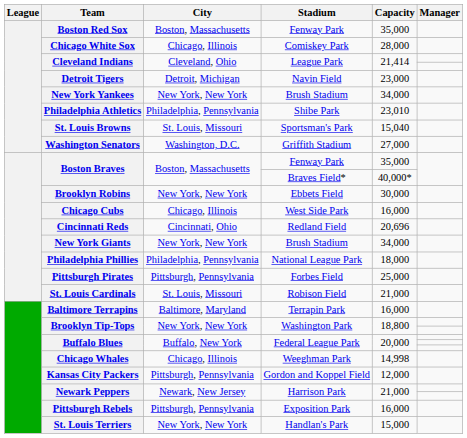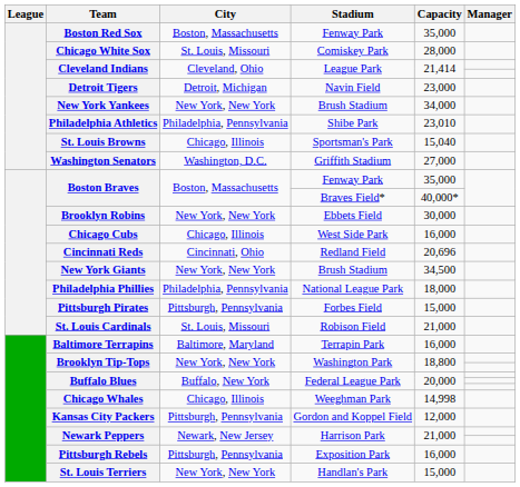 <table class="wikitable sortable plainrowheaders" style="text-align:center;">
 <tr>
 <th scope="col">League</th>
 <th scope="col">Team</th>
 <th scope="col">City</th>
 <th scope="col">Stadium</th>
 <th scope="col">Capacity</th>
 <th scope="col">Manager</th>
 </tr>
 <tr>
 <th rowspan="9"></th>
 <th scope="row"><a href='#'>Boston Red Sox</a></th>
 <td><a href='#'>Boston</a>, <a href='#'>Massachusetts</a></td>
 <td><a href='#'>Fenway Park</a></td>
 <td>35,000</td>
 <td></td>
 </tr>
 <tr>
 <th scope="row"><a href='#'>Chicago White Sox</a></th>
-<td><a href='#'>Chicago</a>, <a href='#'>Illinois</a></td>
+<td><a href='#'>St. Louis</a>, <a href='#'>Missouri</a></td>
 <td><a href='#'>Comiskey Park</a></td>
 <td>28,000</td>
 <td></td>
 </tr>
 <tr>
 <th rowspan="2" scope="row"><a href='#'>Cleveland Indians</a></th>
 <td rowspan="2"><a href='#'>Cleveland</a>, <a href='#'>Ohio</a></td>
 <td rowspan="2"><a href='#'>League Park</a></td>
 <td rowspan="2">21,414</td>
 <td></td>
 </tr>
 <tr>
 <td></td>
 </tr>
 <tr>
 <th scope="row"><a href='#'>Detroit Tigers</a></th>
 <td><a href='#'>Detroit</a>, <a href='#'>Michigan</a></td>
 <td><a href='#'>Navin Field</a></td>
 <td>23,000</td>
 <td></td>
 </tr>
 <tr>
 <th scope="row"><a href='#'>New York Yankees</a></th>
 <td><a href='#'>New York</a>, <a href='#'>New York</a></td>
 <td><a href='#'>Brush Stadium</a></td>
 <td>34,000</td>
 <td></td>
 </tr>
 <tr>
 <th scope="row"><a href='#'>Philadelphia Athletics</a></th>
 <td><a href='#'>Philadelphia</a>, <a href='#'>Pennsylvania</a></td>
 <td><a href='#'>Shibe Park</a></td>
 <td>23,010</td>
 <td></td>
 </tr>
 <tr>
 <th scope="row"><a href='#'>St. Louis Browns</a></th>
-<td><a href='#'>St. Louis</a>, <a href='#'>Missouri</a></td>
+<td><a href='#'>Chicago</a>, <a href='#'>Illinois</a></td>
 <td><a href='#'>Sportsman's Park</a></td>
 <td>15,040</td>
 <td></td>
 </tr>
 <tr>
 <th scope="row"><a href='#'>Washington Senators</a></th>
 <td><a href='#'>Washington, D.C.</a></td>
 <td><a href='#'>Griffith Stadium</a></td>
 <td>27,000</td>
 <td></td>
 </tr>
 <tr>
 <th rowspan="9"></th>
 <th rowspan="2" scope="row"><a href='#'>Boston Braves</a></th>
 <td rowspan="2"><a href='#'>Boston</a>, <a href='#'>Massachusetts</a></td>
 <td><a href='#'>Fenway Park</a></td>
 <td>35,000</td>
 <td rowspan="2"></td>
 </tr>
 <tr>
 <td><a href='#'>Braves Field</a>*</td>
 <td>40,000*</td>
 </tr>
 <tr>
 <th scope="row"><a href='#'>Brooklyn Robins</a></th>
 <td><a href='#'>New York</a>, <a href='#'>New York</a></td>
 <td><a href='#'>Ebbets Field</a></td>
 <td>30,000</td>
 <td></td>
 </tr>
 <tr>
 <th scope="row"><a href='#'>Chicago Cubs</a></th>
 <td><a href='#'>Chicago</a>, <a href='#'>Illinois</a></td>
 <td><a href='#'>West Side Park</a></td>
 <td>16,000</td>
 <td></td>
 </tr>
 <tr>
 <th scope="row"><a href='#'>Cincinnati Reds</a></th>
 <td><a href='#'>Cincinnati</a>, <a href='#'>Ohio</a></td>
 <td><a href='#'>Redland Field</a></td>
 <td>20,696</td>
 <td></td>
 </tr>
 <tr>
 <th scope="row"><a href='#'>New York Giants</a></th>
 <td><a href='#'>New York</a>, <a href='#'>New York</a></td>
 <td><a href='#'>Brush Stadium</a></td>
-<td>34,000</td>
+<td>34,500</td>
 <td></td>
 </tr>
 <tr>
 <th scope="row"><a href='#'>Philadelphia Phillies</a></th>
 <td><a href='#'>Philadelphia</a>, <a href='#'>Pennsylvania</a></td>
 <td><a href='#'>National League Park</a></td>
 <td>18,000</td>
 <td></td>
 </tr>
 <tr>
 <th scope="row"><a href='#'>Pittsburgh Pirates</a></th>
 <td><a href='#'>Pittsburgh</a>, <a href='#'>Pennsylvania</a></td>
 <td><a href='#'>Forbes Field</a></td>
-<td>25,000</td>
+<td>15,000</td>
 <td></td>
 </tr>
 <tr>
 <th scope="row"><a href='#'>St. Louis Cardinals</a></th>
 <td><a href='#'>St. Louis</a>, <a href='#'>Missouri</a></td>
 <td><a href='#'>Robison Field</a></td>
 <td>21,000</td>
 <td></td>
 </tr>
 <tr>
 <th rowspan="16" style="background:#00AA00;"></th>
 <th scope="row"><a href='#'>Baltimore Terrapins</a></th>
 <td><a href='#'>Baltimore</a>, <a href='#'>Maryland</a></td>
 <td><a href='#'>Terrapin Park</a></td>
 <td>16,000</td>
 <td></td>
 </tr>
 <tr>
 <th rowspan="2" scope="row"><a href='#'>Brooklyn Tip-Tops</a></th>
 <td rowspan="2"><a href='#'>New York</a>, <a href='#'>New York</a></td>
 <td rowspan="2"><a href='#'>Washington Park</a></td>
 <td rowspan="2">18,800</td>
 <td></td>
 </tr>
 <tr>
 <td></td>
 </tr>
 <tr>
 <th rowspan="3" scope="row"><a href='#'>Buffalo Blues</a></th>
 <td rowspan="3"><a href='#'>Buffalo</a>, <a href='#'>New York</a></td>
 <td rowspan="3"><a href='#'>Federal League Park</a></td>
 <td rowspan="3">20,000</td>
 <td></td>
 </tr>
 <tr>
 <td></td>
 </tr>
 <tr>
 <td></td>
 </tr>
 <tr>
 <th scope="row"><a href='#'>Chicago Whales</a></th>
 <td><a href='#'>Chicago</a>, <a href='#'>Illinois</a></td>
 <td><a href='#'>Weeghman Park</a></td>
 <td>14,998</td>
 <td></td>
 </tr>
 <tr>
 <th scope="row"><a href='#'>Kansas City Packers</a></th>
 <td><a href='#'>Pittsburgh</a>, <a href='#'>Pennsylvania</a></td>
 <td><a href='#'>Gordon and Koppel Field</a></td>
 <td>12,000</td>
 <td></td>
 </tr>
 <tr>
 <th rowspan="2" scope="row"><a href='#'>Newark Peppers</a></th>
 <td rowspan="2"><a href='#'>Newark</a>, <a href='#'>New Jersey</a></td>
 <td rowspan="2"><a href='#'>Harrison Park</a></td>
 <td rowspan="2">21,000</td>
 <td></td>
 </tr>
 <tr>
 <td></td>
 </tr>
 <tr>
 <th scope="row"><a href='#'>Pittsburgh Rebels</a></th>
 <td><a href='#'>Pittsburgh</a>, <a href='#'>Pennsylvania</a></td>
 <td><a href='#'>Exposition Park</a></td>
 <td>16,000</td>
 <td></td>
 </tr>
 <tr>
 <th scope="row"><a href='#'>St. Louis Terriers</a></th>
 <td><a href='#'>New York</a>, <a href='#'>New York</a></td>
 <td><a href='#'>Handlan's Park</a></td>
 <td>15,000</td>
 <td></td>
 </tr>
 </table>
